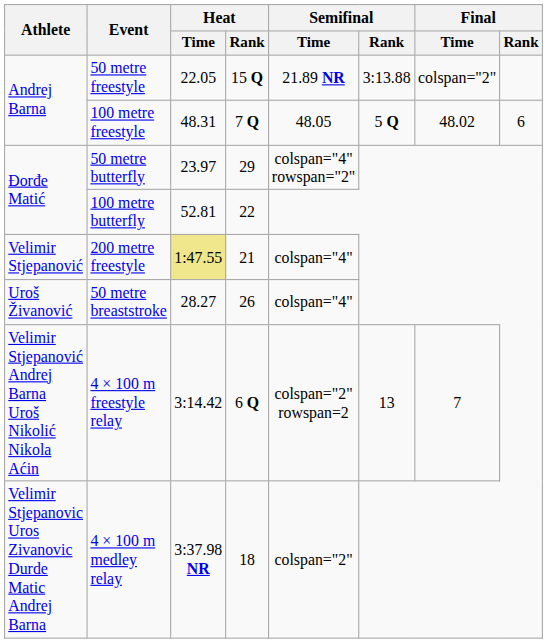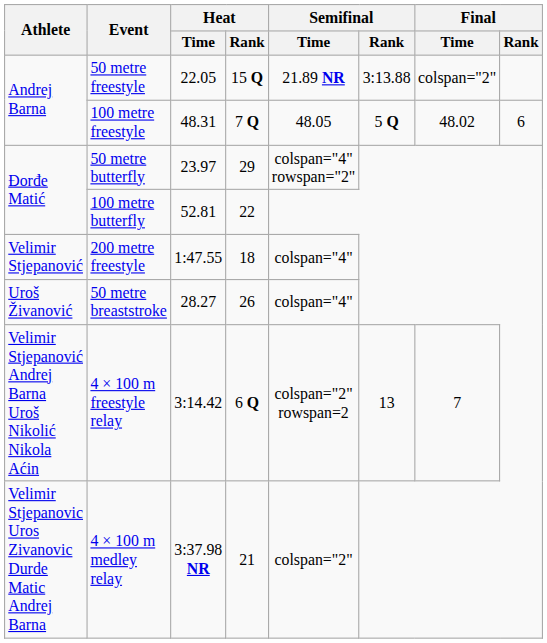 <table class="wikitable" style="text-align:center; font-size:90%; width:50%;">
 <tr>
 <th rowspan="2">Athlete</th>
 <th rowspan="2">Event</th>
 <th colspan="2">Heat</th>
 <th colspan="2">Semifinal</th>
 <th colspan="2">Final</th>
 </tr>
 <tr style="font-size:95%">
 <th>Time</th>
 <th>Rank</th>
 <th>Time</th>
 <th>Rank</th>
 <th>Time</th>
 <th>Rank</th>
 </tr>
 <tr align=center>
 <td align=left rowspan=2><a href='#'>Andrej Barna</a></td>
 <td align=left><a href='#'>50 metre freestyle</a></td>
 <td>22.05</td>
 <td>15 <strong>Q</strong></td>
 <td>21.89 <strong><a href='#'>NR</a></strong></td>
 <td>3:13.88</td>
 <td>colspan="2" </td>
 </tr>
 <tr align=center>
 <td align=left><a href='#'>100 metre freestyle</a></td>
 <td>48.31</td>
 <td>7 <strong>Q</strong></td>
 <td>48.05</td>
 <td>5 <strong>Q</strong></td>
 <td>48.02</td>
 <td>6</td>
 </tr>
 <tr align=center>
 <td align=left rowspan="2"><a href='#'>Đorđe Matić</a></td>
 <td align=left><a href='#'>50 metre butterfly</a></td>
 <td>23.97</td>
 <td>29</td>
 <td>colspan="4" rowspan="2" </td>
 </tr>
 <tr align=center>
 <td align=left><a href='#'>100 metre butterfly</a></td>
 <td>52.81</td>
 <td>22</td>
 </tr>
 <tr align=center>
 <td align=left><a href='#'>Velimir Stjepanović</a></td>
 <td align=left><a href='#'>200 metre freestyle</a></td>
-<td style="background: khaki;">1:47.55</td>
-<td>21</td>
+<td>1:47.55</td>
+<td>18</td>
 <td>colspan="4" </td>
 </tr>
 <tr align=center>
 <td align=left><a href='#'>Uroš Živanović</a></td>
 <td align=left><a href='#'>50 metre breaststroke</a></td>
 <td>28.27</td>
 <td>26</td>
 <td>colspan="4" </td>
 </tr>
 <tr align=center>
 <td align=left><a href='#'>Velimir Stjepanović</a>  <br><a href='#'>Andrej Barna</a> <br><a href='#'>Uroš Nikolić</a>  <br><a href='#'>Nikola Aćin</a></td>
 <td align=left><a href='#'>4 × 100 m freestyle relay</a></td>
 <td>3:14.42</td>
 <td>6 <strong>Q</strong></td>
 <td>colspan="2" rowspan=2 </td>
 <td>13</td>
 <td>7</td>
 </tr>
 <tr align=center>
 <td align=left><a href='#'>Velimir Stjepanovic</a>  <br><a href='#'>Uros Zivanovic</a>  <br><a href='#'>Durde Matic</a>   <br><a href='#'>Andrej Barna</a></td>
 <td align=left><a href='#'>4 × 100 m medley relay</a></td>
 <td>3:37.98 <strong><a href='#'>NR</a></strong></td>
-<td>18</td>
+<td>21</td>
 <td>colspan="2" </td>
 </tr>
 </table>
